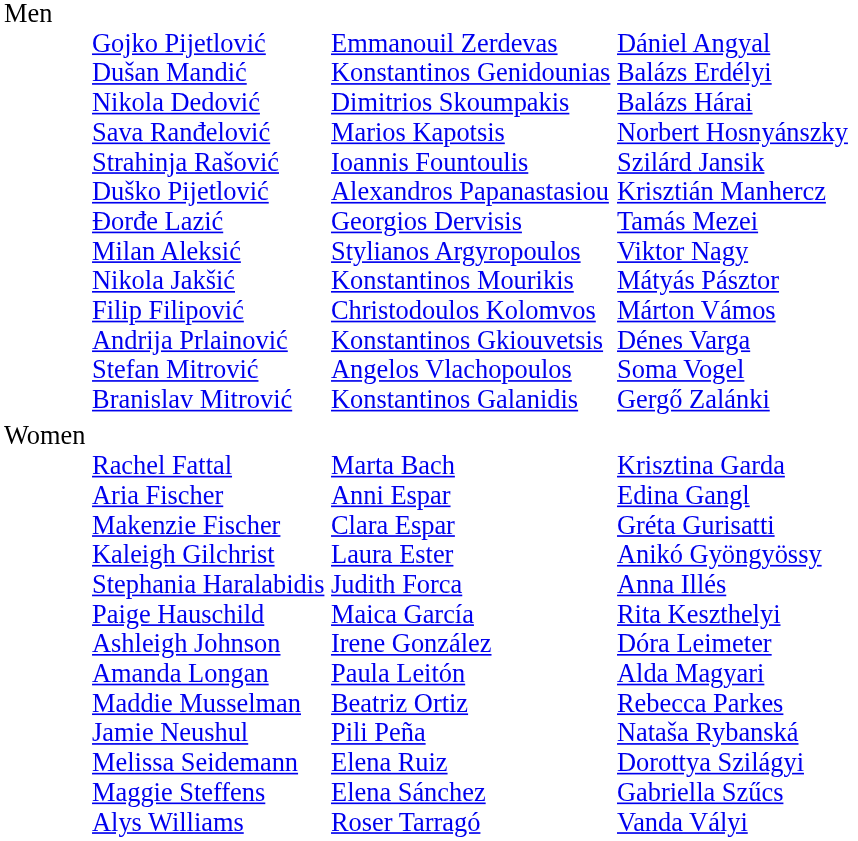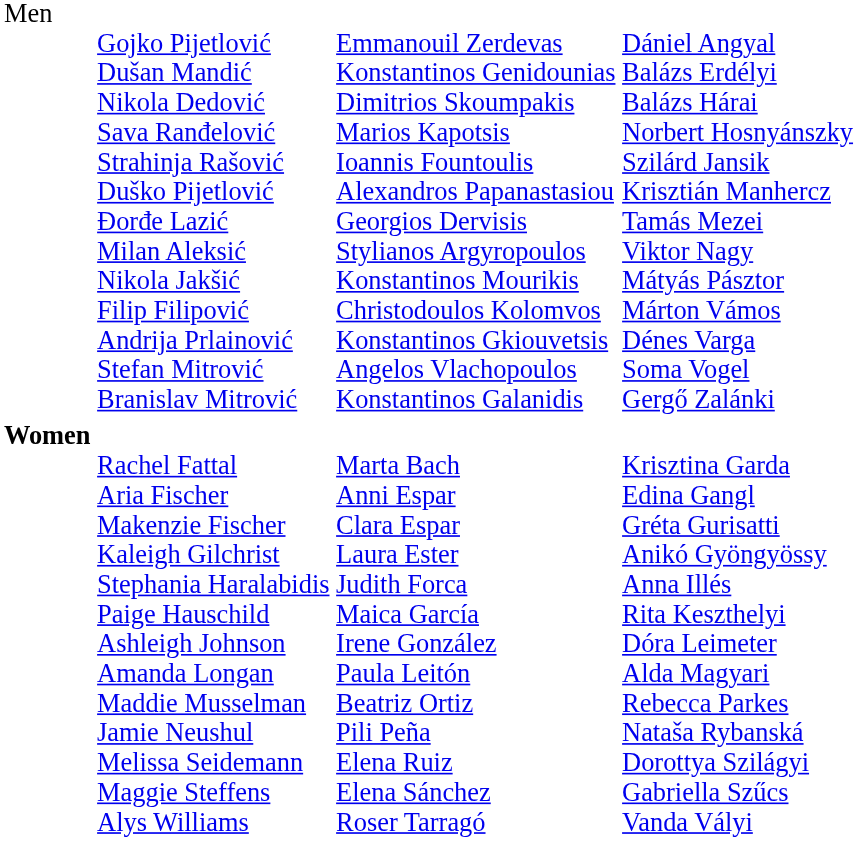 <table>
 <tr valign="top">
 <td>Men<br></td>
 <td><br><a href='#'>Gojko Pijetlović</a><br><a href='#'>Dušan Mandić</a><br><a href='#'>Nikola Dedović</a><br><a href='#'>Sava Ranđelović</a><br><a href='#'>Strahinja Rašović</a><br><a href='#'>Duško Pijetlović</a><br><a href='#'>Đorđe Lazić</a><br><a href='#'>Milan Aleksić</a><br><a href='#'>Nikola Jakšić</a><br><a href='#'>Filip Filipović</a><br><a href='#'>Andrija Prlainović</a><br><a href='#'>Stefan Mitrović</a><br><a href='#'>Branislav Mitrović</a></td>
 <td><br><a href='#'>Emmanouil Zerdevas</a><br><a href='#'>Konstantinos Genidounias</a><br><a href='#'>Dimitrios Skoumpakis</a><br><a href='#'>Marios Kapotsis</a><br><a href='#'>Ioannis Fountoulis</a><br><a href='#'>Alexandros Papanastasiou</a><br><a href='#'>Georgios Dervisis</a><br><a href='#'>Stylianos Argyropoulos</a><br><a href='#'>Konstantinos Mourikis</a><br><a href='#'>Christodoulos Kolomvos</a><br><a href='#'>Konstantinos Gkiouvetsis</a><br><a href='#'>Angelos Vlachopoulos</a><br><a href='#'>Konstantinos Galanidis</a></td>
 <td><br><a href='#'>Dániel Angyal</a><br><a href='#'>Balázs Erdélyi</a><br><a href='#'>Balázs Hárai</a><br><a href='#'>Norbert Hosnyánszky</a><br><a href='#'>Szilárd Jansik</a><br><a href='#'>Krisztián Manhercz</a><br><a href='#'>Tamás Mezei</a><br><a href='#'>Viktor Nagy</a><br><a href='#'>Mátyás Pásztor</a><br><a href='#'>Márton Vámos</a><br><a href='#'>Dénes Varga</a><br><a href='#'>Soma Vogel</a><br><a href='#'>Gergő Zalánki</a></td>
 </tr>
 <tr valign="top">
-<td>Women<br></td>
+<td><strong>Women<br></strong></td>
 <td><br><a href='#'>Rachel Fattal</a><br><a href='#'>Aria Fischer</a><br><a href='#'>Makenzie Fischer</a><br><a href='#'>Kaleigh Gilchrist</a><br><a href='#'>Stephania Haralabidis</a><br><a href='#'>Paige Hauschild</a><br><a href='#'>Ashleigh Johnson</a><br><a href='#'>Amanda Longan</a><br><a href='#'>Maddie Musselman</a><br><a href='#'>Jamie Neushul</a><br><a href='#'>Melissa Seidemann</a><br><a href='#'>Maggie Steffens</a><br><a href='#'>Alys Williams</a></td>
 <td><br><a href='#'>Marta Bach</a><br><a href='#'>Anni Espar</a><br><a href='#'>Clara Espar</a><br><a href='#'>Laura Ester</a><br><a href='#'>Judith Forca</a><br><a href='#'>Maica García</a><br><a href='#'>Irene González</a><br><a href='#'>Paula Leitón</a><br><a href='#'>Beatriz Ortiz</a><br><a href='#'>Pili Peña</a><br><a href='#'>Elena Ruiz</a><br><a href='#'>Elena Sánchez</a><br><a href='#'>Roser Tarragó</a></td>
 <td><br><a href='#'>Krisztina Garda</a><br><a href='#'>Edina Gangl</a><br><a href='#'>Gréta Gurisatti</a><br><a href='#'>Anikó Gyöngyössy</a><br><a href='#'>Anna Illés</a><br><a href='#'>Rita Keszthelyi</a><br><a href='#'>Dóra Leimeter</a><br><a href='#'>Alda Magyari</a><br><a href='#'>Rebecca Parkes</a><br><a href='#'>Nataša Rybanská</a><br><a href='#'>Dorottya Szilágyi</a><br><a href='#'>Gabriella Szűcs</a><br><a href='#'>Vanda Vályi</a></td>
 </tr>
 </table>
